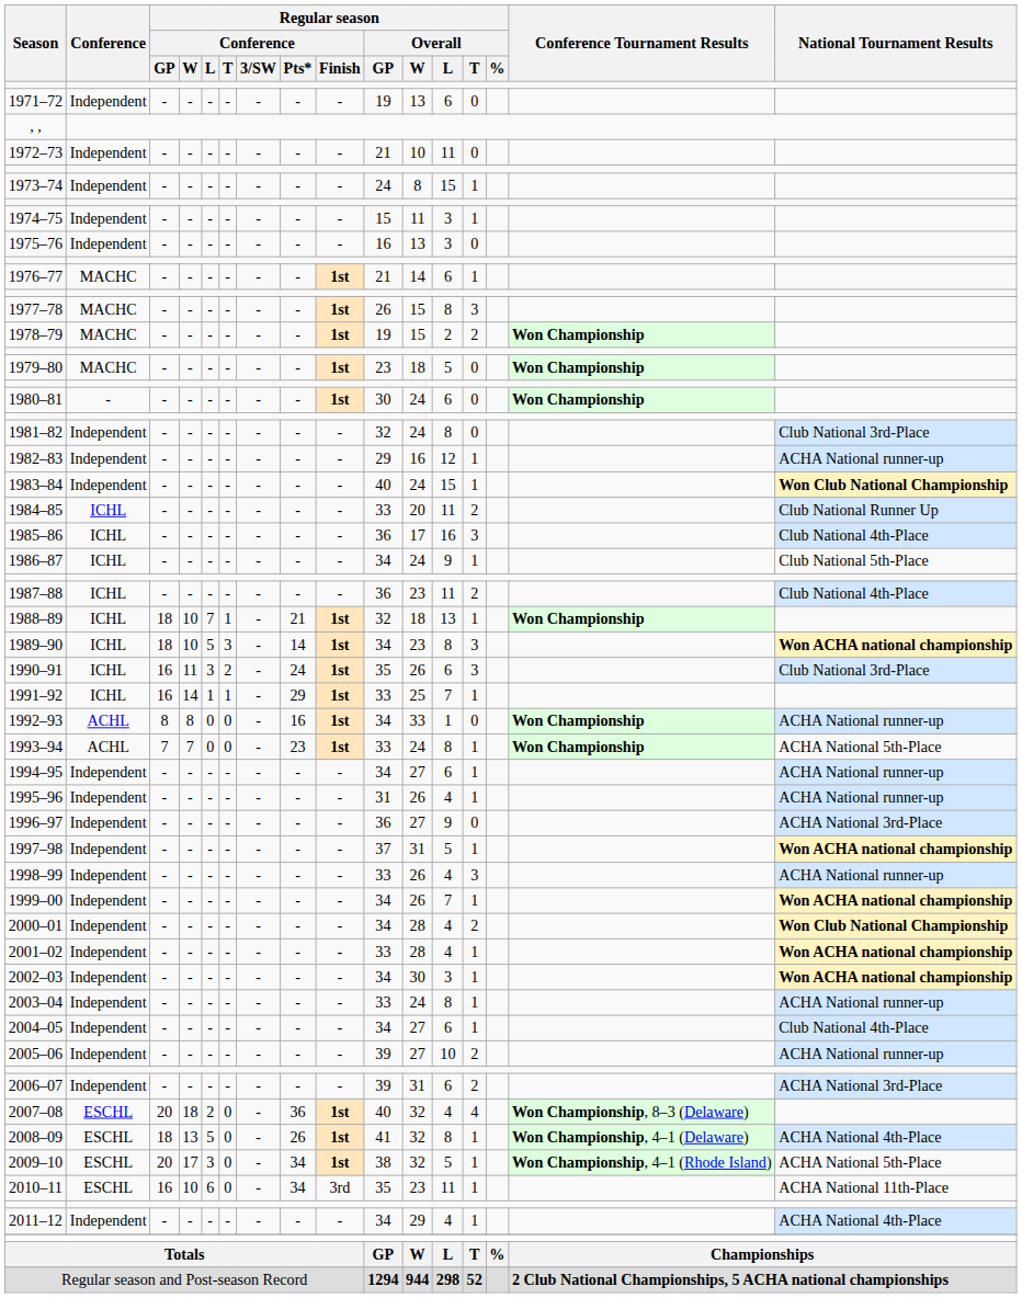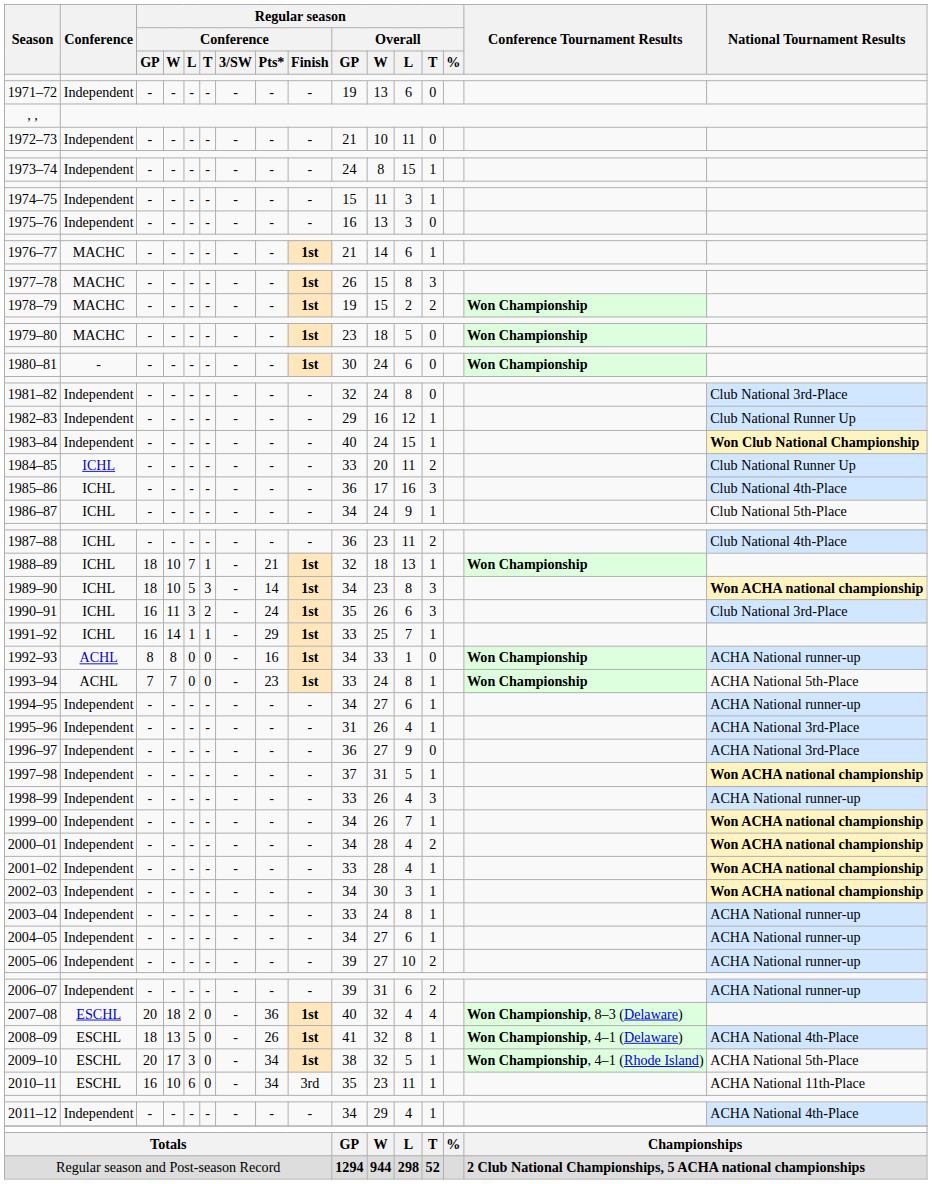 <table class="wikitable" style="text-align: center; font-size: 95%">
 <tr>
 <th rowspan="3">Season</th>
 <th rowspan="3">Conference</th>
 <th colspan="12">Regular season</th>
 <th rowspan="3">Conference Tournament Results</th>
 <th rowspan="3">National Tournament Results</th>
 </tr>
 <tr>
 <th colspan="7">Conference</th>
 <th colspan="5">Overall</th>
 </tr>
 <tr>
 <th>GP</th>
 <th>W</th>
 <th>L</th>
 <th>T</th>
 <th>3/SW</th>
 <th>Pts*</th>
 <th>Finish</th>
 <th>GP</th>
 <th>W</th>
 <th>L</th>
 <th>T</th>
 <th>%</th>
 </tr>
 <tr>
 <td><a href='#'></a> </td>
 </tr>
 <tr>
 <td>1971–72</td>
 <td>Independent</td>
 <td>-</td>
 <td>-</td>
 <td>-</td>
 <td>-</td>
 <td>-</td>
 <td>-</td>
 <td>-</td>
 <td>19</td>
 <td>13</td>
 <td>6</td>
 <td>0</td>
 <td></td>
 <td align="left"></td>
 <td align="left"></td>
 </tr>
 <tr>
 <td><a href='#'></a>, <a href='#'></a>, <a href='#'></a> </td>
 </tr>
 <tr>
 <td>1972–73</td>
 <td>Independent</td>
 <td>-</td>
 <td>-</td>
 <td>-</td>
 <td>-</td>
 <td>-</td>
 <td>-</td>
 <td>-</td>
 <td>21</td>
 <td>10</td>
 <td>11</td>
 <td>0</td>
 <td></td>
 <td align="left"></td>
 <td align="left"></td>
 </tr>
 <tr>
 <td><a href='#'></a> </td>
 </tr>
 <tr>
 <td>1973–74</td>
 <td>Independent</td>
 <td>-</td>
 <td>-</td>
 <td>-</td>
 <td>-</td>
 <td>-</td>
 <td>-</td>
 <td>-</td>
 <td>24</td>
 <td>8</td>
 <td>15</td>
 <td>1</td>
 <td></td>
 <td align="left"></td>
 <td align="left"></td>
 </tr>
 <tr>
 <td><a href='#'></a> </td>
 </tr>
 <tr>
 <td>1974–75</td>
 <td>Independent</td>
 <td>-</td>
 <td>-</td>
 <td>-</td>
 <td>-</td>
 <td>-</td>
 <td>-</td>
 <td>-</td>
 <td>15</td>
 <td>11</td>
 <td>3</td>
 <td>1</td>
 <td></td>
 <td align="left"></td>
 <td align="left"></td>
 </tr>
 <tr>
 <td>1975–76</td>
 <td>Independent</td>
 <td>-</td>
 <td>-</td>
 <td>-</td>
 <td>-</td>
 <td>-</td>
 <td>-</td>
 <td>-</td>
 <td>16</td>
 <td>13</td>
 <td>3</td>
 <td>0</td>
 <td></td>
 <td align="left"></td>
 <td align="left"></td>
 </tr>
 <tr>
 <td><a href='#'></a> </td>
 </tr>
 <tr>
 <td>1976–77</td>
 <td>MACHC</td>
 <td>-</td>
 <td>-</td>
 <td>-</td>
 <td>-</td>
 <td>-</td>
 <td>-</td>
 <td style="background: #FFE6BD;"><strong>1st</strong></td>
 <td>21</td>
 <td>14</td>
 <td>6</td>
 <td>1</td>
 <td></td>
 <td align="left"></td>
 <td align="left"></td>
 </tr>
 <tr>
 <td><a href='#'></a> </td>
 </tr>
 <tr>
 <td>1977–78</td>
 <td>MACHC</td>
 <td>-</td>
 <td>-</td>
 <td>-</td>
 <td>-</td>
 <td>-</td>
 <td>-</td>
 <td style="background: #FFE6BD;"><strong>1st</strong></td>
 <td>26</td>
 <td>15</td>
 <td>8</td>
 <td>3</td>
 <td></td>
 <td align="left"></td>
 <td align="left"></td>
 </tr>
 <tr>
 <td>1978–79</td>
 <td>MACHC</td>
 <td>-</td>
 <td>-</td>
 <td>-</td>
 <td>-</td>
 <td>-</td>
 <td>-</td>
 <td style="background: #FFE6BD;"><strong>1st</strong></td>
 <td>19</td>
 <td>15</td>
 <td>2</td>
 <td>2</td>
 <td></td>
 <td style="background: #ddffdd;" align="left"><strong>Won Championship</strong></td>
 <td align="left"></td>
 </tr>
 <tr>
 <td><a href='#'></a> </td>
 </tr>
 <tr>
 <td>1979–80</td>
 <td>MACHC</td>
 <td>-</td>
 <td>-</td>
 <td>-</td>
 <td>-</td>
 <td>-</td>
 <td>-</td>
 <td style="background: #FFE6BD;"><strong>1st</strong></td>
 <td>23</td>
 <td>18</td>
 <td>5</td>
 <td>0</td>
 <td></td>
 <td style="background: #ddffdd;" align="left"><strong>Won Championship</strong></td>
 <td align="left"></td>
 </tr>
 <tr>
 <td><a href='#'></a> </td>
 </tr>
 <tr>
 <td>1980–81</td>
 <td>-</td>
 <td>-</td>
 <td>-</td>
 <td>-</td>
 <td>-</td>
 <td>-</td>
 <td>-</td>
 <td style="background: #FFE6BD;"><strong>1st</strong></td>
 <td>30</td>
 <td>24</td>
 <td>6</td>
 <td>0</td>
 <td></td>
 <td style="background: #ddffdd;" align="left"><strong>Won Championship</strong></td>
 <td align="left"></td>
 </tr>
 <tr>
 <td><a href='#'></a> </td>
 </tr>
 <tr>
 <td>1981–82</td>
 <td>Independent</td>
 <td>-</td>
 <td>-</td>
 <td>-</td>
 <td>-</td>
 <td>-</td>
 <td>-</td>
 <td>-</td>
 <td>32</td>
 <td>24</td>
 <td>8</td>
 <td>0</td>
 <td></td>
 <td align="left"></td>
 <td style="background: #D0E7FF;" align="left">Club National 3rd-Place</td>
 </tr>
 <tr>
 <td>1982–83</td>
 <td>Independent</td>
 <td>-</td>
 <td>-</td>
 <td>-</td>
 <td>-</td>
 <td>-</td>
 <td>-</td>
 <td>-</td>
 <td>29</td>
 <td>16</td>
 <td>12</td>
 <td>1</td>
 <td></td>
 <td align="left"></td>
-<td style="background: #D0E7FF;" align="left">ACHA National runner-up</td>
+<td style="background: #D0E7FF;" align="left">Club National Runner Up</td>
 </tr>
 <tr>
 <td>1983–84</td>
 <td>Independent</td>
 <td>-</td>
 <td>-</td>
 <td>-</td>
 <td>-</td>
 <td>-</td>
 <td>-</td>
 <td>-</td>
 <td>40</td>
 <td>24</td>
 <td>15</td>
 <td>1</td>
 <td></td>
 <td align="left"></td>
 <td style="background: #FFF3BF;" align="left"><strong>Won Club National Championship</strong></td>
 </tr>
 <tr>
 <td>1984–85</td>
 <td><a href='#'>ICHL</a></td>
 <td>-</td>
 <td>-</td>
 <td>-</td>
 <td>-</td>
 <td>-</td>
 <td>-</td>
 <td>-</td>
 <td>33</td>
 <td>20</td>
 <td>11</td>
 <td>2</td>
 <td></td>
 <td align="left"></td>
 <td style="background: #D0E7FF;" align="left">Club National Runner Up</td>
 </tr>
 <tr>
 <td>1985–86</td>
 <td>ICHL</td>
 <td>-</td>
 <td>-</td>
 <td>-</td>
 <td>-</td>
 <td>-</td>
 <td>-</td>
 <td>-</td>
 <td>36</td>
 <td>17</td>
 <td>16</td>
 <td>3</td>
 <td></td>
 <td align="left"></td>
 <td style="background: #D0E7FF;" align="left">Club National 4th-Place</td>
 </tr>
 <tr>
 <td>1986–87</td>
 <td>ICHL</td>
 <td>-</td>
 <td>-</td>
 <td>-</td>
 <td>-</td>
 <td>-</td>
 <td>-</td>
 <td>-</td>
 <td>34</td>
 <td>24</td>
 <td>9</td>
 <td>1</td>
 <td></td>
 <td align="left"></td>
 <td align="left">Club National 5th-Place</td>
 </tr>
 <tr>
 <td><a href='#'></a> </td>
 </tr>
 <tr>
 <td>1987–88</td>
 <td>ICHL</td>
 <td>-</td>
 <td>-</td>
 <td>-</td>
 <td>-</td>
 <td>-</td>
 <td>-</td>
 <td>-</td>
 <td>36</td>
 <td>23</td>
 <td>11</td>
 <td>2</td>
 <td></td>
 <td align="left"></td>
 <td style="background: #D0E7FF;" align="left">Club National 4th-Place</td>
 </tr>
 <tr>
 <td>1988–89</td>
 <td>ICHL</td>
 <td>18</td>
 <td>10</td>
 <td>7</td>
 <td>1</td>
 <td>-</td>
 <td>21</td>
 <td style="background: #FFE6BD;"><strong>1st</strong></td>
 <td>32</td>
 <td>18</td>
 <td>13</td>
 <td>1</td>
 <td></td>
 <td style="background: #ddffdd;" align="left"><strong>Won Championship</strong></td>
 <td align="left"></td>
 </tr>
 <tr>
 <td>1989–90</td>
 <td>ICHL</td>
 <td>18</td>
 <td>10</td>
 <td>5</td>
 <td>3</td>
 <td>-</td>
 <td>14</td>
 <td style="background: #FFE6BD;"><strong>1st</strong></td>
 <td>34</td>
 <td>23</td>
 <td>8</td>
 <td>3</td>
 <td></td>
 <td align="left"></td>
 <td style="background: #FFF3BF;" align="left"><strong>Won ACHA national championship</strong></td>
 </tr>
 <tr>
 <td>1990–91</td>
 <td>ICHL</td>
 <td>16</td>
 <td>11</td>
 <td>3</td>
 <td>2</td>
 <td>-</td>
 <td>24</td>
 <td style="background: #FFE6BD;"><strong>1st</strong></td>
 <td>35</td>
 <td>26</td>
 <td>6</td>
 <td>3</td>
 <td></td>
 <td align="left"></td>
 <td style="background: #D0E7FF;" align="left">Club National 3rd-Place</td>
 </tr>
 <tr>
 <td>1991–92</td>
 <td>ICHL</td>
 <td>16</td>
 <td>14</td>
 <td>1</td>
 <td>1</td>
 <td>-</td>
 <td>29</td>
 <td style="background: #FFE6BD;"><strong>1st</strong></td>
 <td>33</td>
 <td>25</td>
 <td>7</td>
 <td>1</td>
 <td></td>
 <td align="left"></td>
 <td align="left"></td>
 </tr>
 <tr>
 <td>1992–93</td>
 <td><a href='#'>ACHL</a></td>
 <td>8</td>
 <td>8</td>
 <td>0</td>
 <td>0</td>
 <td>-</td>
 <td>16</td>
 <td style="background: #FFE6BD;"><strong>1st</strong></td>
 <td>34</td>
 <td>33</td>
 <td>1</td>
 <td>0</td>
 <td></td>
 <td style="background: #ddffdd;" align="left"><strong>Won Championship</strong></td>
 <td style="background: #D0E7FF;" align="left">ACHA National runner-up</td>
 </tr>
 <tr>
 <td>1993–94</td>
 <td>ACHL</td>
 <td>7</td>
 <td>7</td>
 <td>0</td>
 <td>0</td>
 <td>-</td>
 <td>23</td>
 <td style="background: #FFE6BD;"><strong>1st</strong></td>
 <td>33</td>
 <td>24</td>
 <td>8</td>
 <td>1</td>
 <td></td>
 <td style="background: #ddffdd;" align="left"><strong>Won Championship</strong></td>
 <td align="left">ACHA National 5th-Place</td>
 </tr>
 <tr>
 <td>1994–95</td>
 <td>Independent</td>
 <td>-</td>
 <td>-</td>
 <td>-</td>
 <td>-</td>
 <td>-</td>
 <td>-</td>
 <td>-</td>
 <td>34</td>
 <td>27</td>
 <td>6</td>
 <td>1</td>
 <td></td>
 <td align="left"></td>
 <td style="background: #D0E7FF;" align="left">ACHA National runner-up</td>
 </tr>
 <tr>
 <td>1995–96</td>
 <td>Independent</td>
 <td>-</td>
 <td>-</td>
 <td>-</td>
 <td>-</td>
 <td>-</td>
 <td>-</td>
 <td>-</td>
 <td>31</td>
 <td>26</td>
 <td>4</td>
 <td>1</td>
 <td></td>
 <td align="left"></td>
-<td style="background: #D0E7FF;" align="left">ACHA National runner-up</td>
+<td style="background: #D0E7FF;" align="left">ACHA National 3rd-Place</td>
 </tr>
 <tr>
 <td>1996–97</td>
 <td>Independent</td>
 <td>-</td>
 <td>-</td>
 <td>-</td>
 <td>-</td>
 <td>-</td>
 <td>-</td>
 <td>-</td>
 <td>36</td>
 <td>27</td>
 <td>9</td>
 <td>0</td>
 <td></td>
 <td align="left"></td>
 <td style="background: #D0E7FF;" align="left">ACHA National 3rd-Place</td>
 </tr>
 <tr>
 <td>1997–98</td>
 <td>Independent</td>
 <td>-</td>
 <td>-</td>
 <td>-</td>
 <td>-</td>
 <td>-</td>
 <td>-</td>
 <td>-</td>
 <td>37</td>
 <td>31</td>
 <td>5</td>
 <td>1</td>
 <td></td>
 <td align="left"></td>
 <td style="background: #FFF3BF;" align="left"><strong>Won ACHA national championship</strong></td>
 </tr>
 <tr>
 <td>1998–99</td>
 <td>Independent</td>
 <td>-</td>
 <td>-</td>
 <td>-</td>
 <td>-</td>
 <td>-</td>
 <td>-</td>
 <td>-</td>
 <td>33</td>
 <td>26</td>
 <td>4</td>
 <td>3</td>
 <td></td>
 <td align="left"></td>
 <td style="background: #D0E7FF;" align="left">ACHA National runner-up</td>
 </tr>
 <tr>
 <td>1999–00</td>
 <td>Independent</td>
 <td>-</td>
 <td>-</td>
 <td>-</td>
 <td>-</td>
 <td>-</td>
 <td>-</td>
 <td>-</td>
 <td>34</td>
 <td>26</td>
 <td>7</td>
 <td>1</td>
 <td></td>
 <td align="left"></td>
 <td style="background: #FFF3BF;" align="left"><strong>Won ACHA national championship</strong></td>
 </tr>
 <tr>
 <td>2000–01</td>
 <td>Independent</td>
 <td>-</td>
 <td>-</td>
 <td>-</td>
 <td>-</td>
 <td>-</td>
 <td>-</td>
 <td>-</td>
 <td>34</td>
 <td>28</td>
 <td>4</td>
 <td>2</td>
 <td></td>
 <td align="left"></td>
-<td style="background: #FFF3BF;" align="left"><strong>Won Club National Championship</strong></td>
+<td style="background: #FFF3BF;" align="left"><strong>Won ACHA national championship</strong></td>
 </tr>
 <tr>
 <td>2001–02</td>
 <td>Independent</td>
 <td>-</td>
 <td>-</td>
 <td>-</td>
 <td>-</td>
 <td>-</td>
 <td>-</td>
 <td>-</td>
 <td>33</td>
 <td>28</td>
 <td>4</td>
 <td>1</td>
 <td></td>
 <td align="left"></td>
 <td style="background: #FFF3BF;" align="left"><strong>Won ACHA national championship</strong></td>
 </tr>
 <tr>
 <td>2002–03</td>
 <td>Independent</td>
 <td>-</td>
 <td>-</td>
 <td>-</td>
 <td>-</td>
 <td>-</td>
 <td>-</td>
 <td>-</td>
 <td>34</td>
 <td>30</td>
 <td>3</td>
 <td>1</td>
 <td></td>
 <td align="left"></td>
 <td style="background: #FFF3BF;" align="left"><strong>Won ACHA national championship</strong></td>
 </tr>
 <tr>
 <td>2003–04</td>
 <td>Independent</td>
 <td>-</td>
 <td>-</td>
 <td>-</td>
 <td>-</td>
 <td>-</td>
 <td>-</td>
 <td>-</td>
 <td>33</td>
 <td>24</td>
 <td>8</td>
 <td>1</td>
 <td></td>
 <td align="left"></td>
 <td style="background: #D0E7FF;" align="left">ACHA National runner-up</td>
 </tr>
 <tr>
 <td>2004–05</td>
 <td>Independent</td>
 <td>-</td>
 <td>-</td>
 <td>-</td>
 <td>-</td>
 <td>-</td>
 <td>-</td>
 <td>-</td>
 <td>34</td>
 <td>27</td>
 <td>6</td>
 <td>1</td>
 <td></td>
 <td align="left"></td>
-<td style="background: #D0E7FF;" align="left">Club National 4th-Place</td>
+<td style="background: #D0E7FF;" align="left">ACHA National runner-up</td>
 </tr>
 <tr>
 <td>2005–06</td>
 <td>Independent</td>
 <td>-</td>
 <td>-</td>
 <td>-</td>
 <td>-</td>
 <td>-</td>
 <td>-</td>
 <td>-</td>
 <td>39</td>
 <td>27</td>
 <td>10</td>
 <td>2</td>
 <td></td>
 <td align="left"></td>
 <td style="background: #D0E7FF;" align="left">ACHA National runner-up</td>
 </tr>
 <tr>
 <td><a href='#'></a> </td>
 </tr>
 <tr>
 <td>2006–07</td>
 <td>Independent</td>
 <td>-</td>
 <td>-</td>
 <td>-</td>
 <td>-</td>
 <td>-</td>
 <td>-</td>
 <td>-</td>
 <td>39</td>
 <td>31</td>
 <td>6</td>
 <td>2</td>
 <td></td>
 <td align="left"></td>
-<td style="background: #D0E7FF;" align="left">ACHA National 3rd-Place</td>
+<td style="background: #D0E7FF;" align="left">ACHA National runner-up</td>
 </tr>
 <tr>
 <td>2007–08</td>
 <td><a href='#'>ESCHL</a></td>
 <td>20</td>
 <td>18</td>
 <td>2</td>
 <td>0</td>
 <td>-</td>
 <td>36</td>
 <td style="background: #FFE6BD;"><strong>1st</strong></td>
 <td>40</td>
 <td>32</td>
 <td>4</td>
 <td>4</td>
 <td></td>
 <td style="background: #ddffdd;" align="left"><strong>Won Championship</strong>, 8–3 (<a href='#'>Delaware</a>)</td>
 <td align="left"></td>
 </tr>
 <tr>
 <td>2008–09</td>
 <td>ESCHL</td>
 <td>18</td>
 <td>13</td>
 <td>5</td>
 <td>0</td>
 <td>-</td>
 <td>26</td>
 <td style="background: #FFE6BD;"><strong>1st</strong></td>
 <td>41</td>
 <td>32</td>
 <td>8</td>
 <td>1</td>
 <td></td>
 <td style="background: #ddffdd;" align="left"><strong>Won Championship</strong>, 4–1 (<a href='#'>Delaware</a>)</td>
 <td style="background: #D0E7FF;" align="left">ACHA National 4th-Place</td>
 </tr>
 <tr>
 <td>2009–10</td>
 <td>ESCHL</td>
 <td>20</td>
 <td>17</td>
 <td>3</td>
 <td>0</td>
 <td>-</td>
 <td>34</td>
 <td style="background: #FFE6BD;"><strong>1st</strong></td>
 <td>38</td>
 <td>32</td>
 <td>5</td>
 <td>1</td>
 <td></td>
 <td style="background: #ddffdd;" align="left"><strong>Won Championship</strong>, 4–1 (<a href='#'>Rhode Island</a>)</td>
 <td align="left">ACHA National 5th-Place</td>
 </tr>
 <tr>
 <td>2010–11</td>
 <td>ESCHL</td>
 <td>16</td>
 <td>10</td>
 <td>6</td>
 <td>0</td>
 <td>-</td>
 <td>34</td>
 <td>3rd</td>
 <td>35</td>
 <td>23</td>
 <td>11</td>
 <td>1</td>
 <td></td>
 <td align="left"></td>
 <td align="left">ACHA National 11th-Place</td>
 </tr>
 <tr>
 <td><a href='#'></a> </td>
 </tr>
 <tr>
 <td>2011–12</td>
 <td>Independent</td>
 <td>-</td>
 <td>-</td>
 <td>-</td>
 <td>-</td>
 <td>-</td>
 <td>-</td>
 <td>-</td>
 <td>34</td>
 <td>29</td>
 <td>4</td>
 <td>1</td>
 <td></td>
 <td align="left"></td>
 <td style="background: #D0E7FF;" align="left">ACHA National 4th-Place</td>
 </tr>
 <tr>
 </tr>
 <tr ->
 </tr>
 <tr>
 <td colspan="16" style="background:#fff;"></td>
 </tr>
 <tr>
 <th colspan="9">Totals</th>
 <th>GP</th>
 <th>W</th>
 <th>L</th>
 <th>T</th>
 <th>%</th>
 <th colspan="2">Championships</th>
 </tr>
 <tr bgcolor=dddddd>
 <td colspan="9">Regular season and Post-season Record</td>
 <td><strong>1294</strong></td>
 <td><strong>944</strong></td>
 <td><strong>298</strong></td>
 <td><strong>52</strong></td>
 <td><strong></strong></td>
 <td colspan="2" align="left"><strong>2 Club National Championships, 5 ACHA national championships</strong></td>
 </tr>
 </table>
